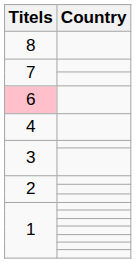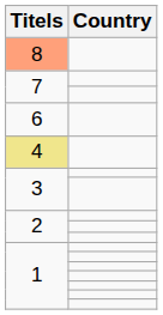 <table class="wikitable">
 <tr>
 <th>Titels</th>
 <th>Country</th>
 </tr>
 <tr>
-<td align="center">8</td>
+<td align="center" style="background: lightsalmon;">8</td>
 <td></td>
 </tr>
 <tr>
 <td rowspan="2" align="center">7</td>
 <td></td>
 </tr>
 <tr>
 <td></td>
 </tr>
 <tr>
-<td align="center" style="background: pink;">6</td>
+<td align="center">6</td>
 <td></td>
 </tr>
 <tr>
-<td align="center">4</td>
+<td align="center" style="background: khaki;">4</td>
 <td></td>
 </tr>
 <tr>
 <td rowspan="2" align="center">3</td>
 <td></td>
 </tr>
 <tr>
 <td><em></em><br></td>
 </tr>
 <tr>
 <td rowspan="3" align="center">2</td>
 <td></td>
 </tr>
 <tr>
 <td></td>
 </tr>
 <tr>
 <td></td>
 </tr>
 <tr>
 <td rowspan="7" align="center">1</td>
 <td></td>
 </tr>
 <tr>
 <td></td>
 </tr>
 <tr>
 <td></td>
 </tr>
 <tr>
 <td></td>
 </tr>
 <tr>
 <td></td>
 </tr>
 <tr>
 <td></td>
 </tr>
 <tr>
 <td></td>
 </tr>
 </table>
